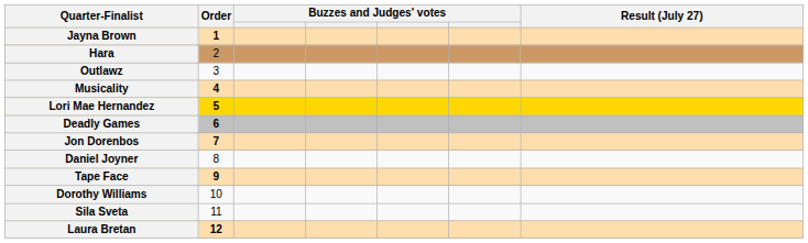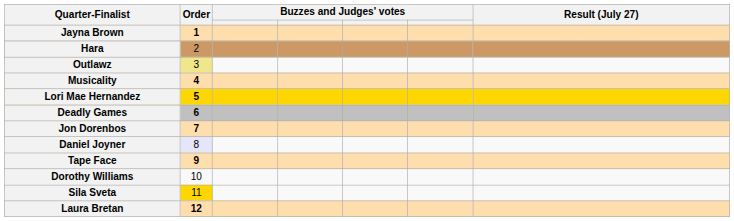 <table class="wikitable plainrowheaders sortable" style="text-align:center;">
 <tr>
 <th scope="col" rowspan="2" class="unsortable" style="width:17em;">Quarter-Finalist</th>
 <th scope="col" rowspan="2" style="width:1em;">Order</th>
 <th scope="col" colspan="4" class="unsortable" style="width:24em;">Buzzes and Judges' votes</th>
 <th scope="col" rowspan="2" style="width:25em;">Result (July 27)</th>
 </tr>
 <tr>
 <th scope="col" class="unsortable" style="width:6em;"></th>
 <th scope="col" class="unsortable" style="width:6em;"></th>
 <th scope="col" class="unsortable" style="width:6em;"></th>
 <th scope="col" class="unsortable" style="width:6em;"></th>
 </tr>
 <tr style="background:NavajoWhite;">
 <th scope="row"><strong>Jayna Brown</strong></th>
 <td><strong>1</strong></td>
 <td style="text-align:center;"></td>
 <td style="text-align:center;"></td>
 <td style="text-align:center;"></td>
 <td style="text-align:center;"></td>
 <td><strong></strong></td>
 </tr>
 <tr style="background:#c96;">
 <th scope="row">Hara</th>
 <td>2</td>
 <td style="text-align:center;"></td>
 <td style="text-align:center;"></td>
 <td style="text-align:center;"></td>
 <td style="text-align:center;"></td>
 <td></td>
 </tr>
 <tr>
 <th scope="row">Outlawz</th>
-<td>3</td>
+<td style="background: khaki;">3</td>
 <td style="text-align:center;"></td>
 <td style="text-align:center;"></td>
 <td style="text-align:center;"></td>
 <td style="text-align:center;"></td>
 <td></td>
 </tr>
 <tr style="background:NavajoWhite;">
 <th scope="row"><strong>Musicality</strong></th>
 <td><strong>4</strong></td>
 <td style="text-align:center;"></td>
 <td style="text-align:center;"></td>
 <td style="text-align:center;"></td>
 <td style="text-align:center;"></td>
 <td><strong></strong></td>
 </tr>
 <tr style="background:gold;">
 <th scope="row"><strong>Lori Mae Hernandez</strong></th>
 <td><strong>5</strong></td>
 <td style="text-align:center;"></td>
 <td style="text-align:center;"></td>
 <td style="text-align:center;"></td>
 <td style="text-align:center;"></td>
 <td><strong></strong></td>
 </tr>
 <tr style="background:silver;">
 <th scope="row"><strong>Deadly Games</strong> </th>
 <td><strong>6</strong></td>
 <td style="text-align:center;"></td>
 <td style="text-align:center;"></td>
 <td style="text-align:center;"></td>
 <td style="text-align:center;"></td>
 <td><strong></strong></td>
 </tr>
 <tr style="background:NavajoWhite;">
 <th scope="row"><strong>Jon Dorenbos</strong></th>
 <td><strong>7</strong></td>
 <td style="text-align:center;"></td>
 <td style="text-align:center;"></td>
 <td style="text-align:center;"></td>
 <td style="text-align:center;"></td>
 <td><strong></strong></td>
 </tr>
 <tr>
 <th scope="row">Daniel Joyner</th>
-<td>8</td>
+<td style="background: lavender;">8</td>
 <td style="text-align:center;"></td>
 <td style="text-align:center;"></td>
 <td style="text-align:center;"></td>
 <td style="text-align:center;"></td>
 <td></td>
 </tr>
 <tr style="background:NavajoWhite;">
 <th scope="row"><strong>Tape Face</strong></th>
 <td><strong>9</strong></td>
 <td style="text-align:center;"></td>
 <td style="text-align:center;"></td>
 <td style="text-align:center;"></td>
 <td style="text-align:center;"></td>
 <td><strong></strong></td>
 </tr>
 <tr>
 <th scope="row">Dorothy Williams</th>
 <td>10</td>
 <td style="text-align:center;"></td>
 <td style="text-align:center;"></td>
 <td style="text-align:center;"></td>
 <td style="text-align:center;"></td>
 <td></td>
 </tr>
 <tr>
 <th scope="row">Sila Sveta</th>
-<td>11</td>
+<td style="background: gold;">11</td>
 <td style="text-align:center;"></td>
 <td style="text-align:center;"></td>
 <td style="text-align:center;"></td>
 <td style="text-align:center;"></td>
 <td></td>
 </tr>
 <tr style="background:NavajoWhite;">
 <th scope="row"><strong>Laura Bretan</strong></th>
 <td><strong>12</strong></td>
 <td style="text-align:center;"></td>
 <td style="text-align:center;"></td>
 <td style="text-align:center;"></td>
 <td style="text-align:center;"></td>
 <td><strong></strong></td>
 </tr>
 </table>
